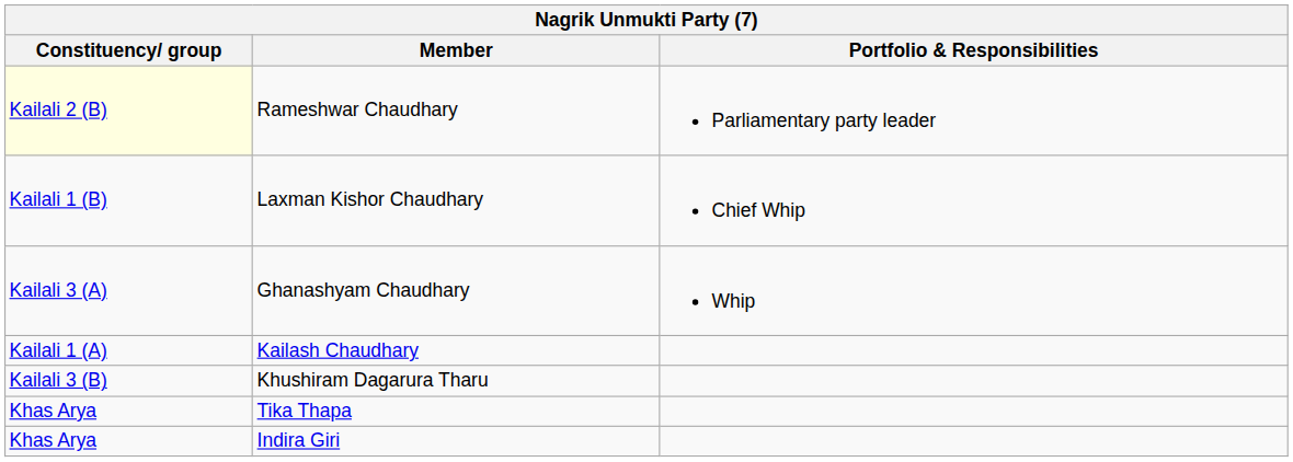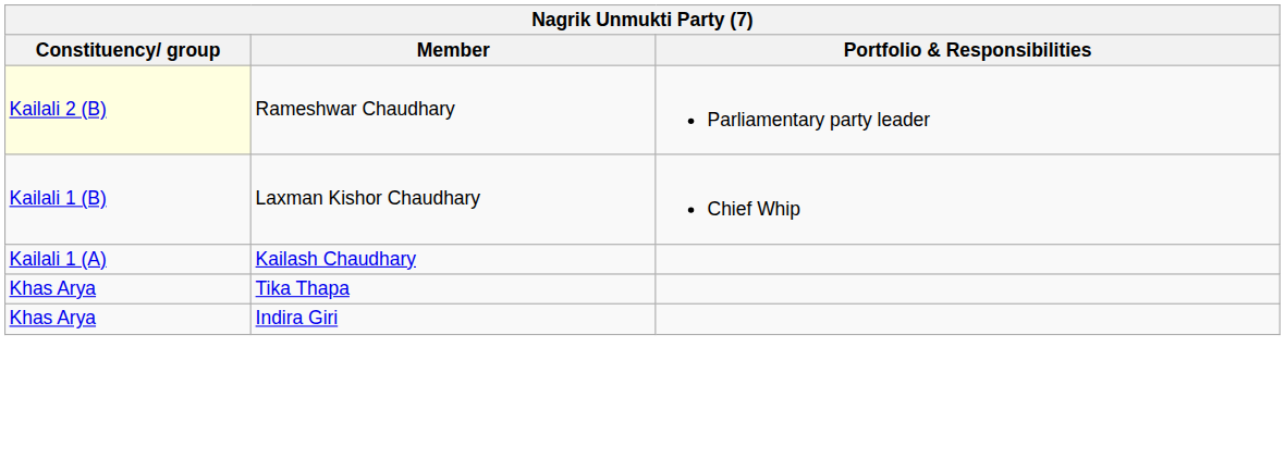 <table class="wikitable sortable">
 <tr>
 <th colspan="3" style="width: 800pt; background:">Nagrik Unmukti Party (7)</th>
 </tr>
 <tr>
 <th style="width:150pt;">Constituency/ group</th>
 <th style="width:250pt;">Member</th>
 <th>Portfolio & Responsibilities</th>
 </tr>
 <tr>
 <td style="background: lightyellow;"><a href='#'>Kailali 2 (B)</a></td>
 <td>Rameshwar Chaudhary</td>
 <td><br><ul><li>Parliamentary party leader</li></ul></td>
 </tr>
 <tr>
 <td><a href='#'>Kailali 1 (B)</a></td>
 <td>Laxman Kishor Chaudhary</td>
 <td><br><ul><li>Chief Whip</li></ul></td>
 </tr>
 <tr>
-<td><a href='#'>Kailali 3 (A)</a></td>
-<td>Ghanashyam Chaudhary</td>
-<td><br><ul><li>Whip</li></ul></td>
-</tr>
-<tr>
 <td><a href='#'>Kailali 1 (A)</a></td>
 <td><a href='#'>Kailash Chaudhary</a></td>
-<td></td>
-</tr>
-<tr>
-<td><a href='#'>Kailali 3 (B)</a></td>
-<td>Khushiram Dagarura Tharu</td>
 <td></td>
 </tr>
 <tr>
 <td><a href='#'>Khas Arya</a></td>
 <td><a href='#'>Tika Thapa</a></td>
 <td></td>
 </tr>
 <tr>
 <td><a href='#'>Khas Arya</a></td>
 <td><a href='#'>Indira Giri</a></td>
 <td></td>
 </tr>
 </table>
